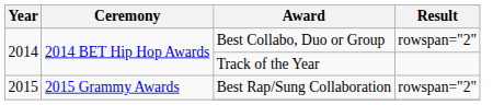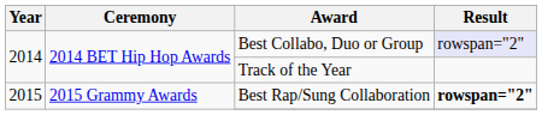 <table class="wikitable">
 <tr>
 <th>Year</th>
 <th>Ceremony</th>
 <th>Award</th>
 <th>Result</th>
 </tr>
 <tr>
 <td rowspan="2">2014</td>
 <td rowspan="2"><a href='#'>2014 BET Hip Hop Awards</a></td>
 <td>Best Collabo, Duo or Group</td>
-<td>rowspan="2" </td>
+<td style="background: lavender;">rowspan="2" </td>
 </tr>
 <tr>
 <td>Track of the Year</td>
 </tr>
 <tr>
 <td rowspan="2">2015</td>
 <td rowspan="2"><a href='#'>2015 Grammy Awards</a></td>
 <td>Best Rap/Sung Collaboration</td>
-<td>rowspan="2" </td>
+<td><strong>rowspan="2" </strong></td>
 </tr>
 <tr>
 </tr>
 </table>
